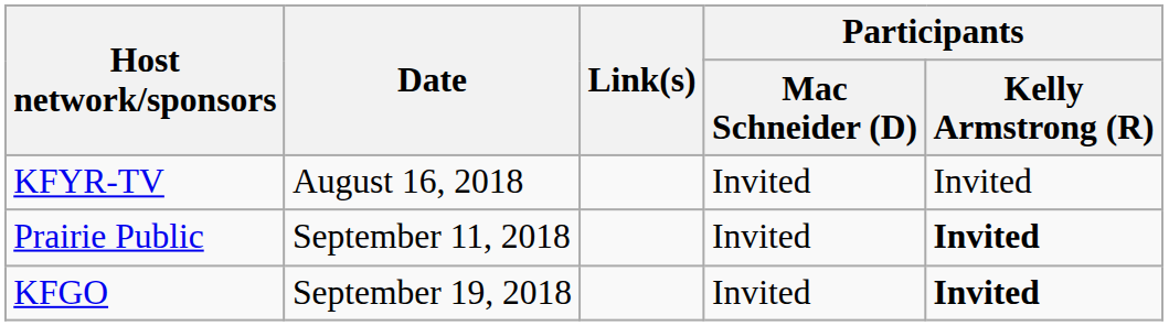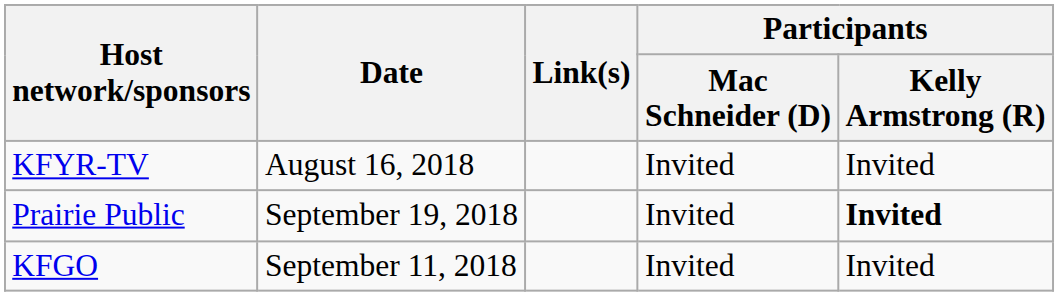 <table class="wikitable">
 <tr>
 <th rowspan="2">Host<br>network/sponsors</th>
 <th rowspan="2">Date</th>
 <th rowspan="2">Link(s)</th>
 <th colspan="3">Participants</th>
 </tr>
 <tr>
 <th>Mac<br>Schneider (D)</th>
 <th>Kelly<br>Armstrong (R)</th>
 </tr>
 <tr>
 <td><a href='#'>KFYR-TV</a></td>
 <td>August 16, 2018</td>
 <td></td>
 <td>Invited</td>
 <td>Invited</td>
 </tr>
 <tr>
 <td><a href='#'>Prairie Public</a></td>
-<td>September 11, 2018</td>
+<td>September 19, 2018</td>
 <td></td>
 <td>Invited</td>
 <td><strong>Invited</strong></td>
 </tr>
 <tr>
 <td><a href='#'>KFGO</a></td>
-<td>September 19, 2018</td>
+<td>September 11, 2018</td>
 <td></td>
 <td>Invited</td>
-<td><strong>Invited</strong></td>
+<td>Invited</td>
 </tr>
 </table>
